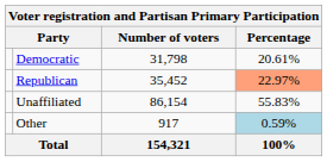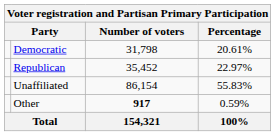 <table class=wikitable>
 <tr>
 <th colspan = 7>Voter registration and Partisan Primary Participation</th>
 </tr>
 <tr>
 <th colspan = 2>Party</th>
 <th>Number of voters</th>
 <th>Percentage</th>
 </tr>
 <tr>
 <td></td>
 <td><a href='#'>Democratic</a></td>
 <td style="text-align:center;">31,798</td>
 <td style="text-align:center;">20.61%</td>
 </tr>
 <tr>
 <td></td>
 <td><a href='#'>Republican</a></td>
 <td style="text-align:center;">35,452</td>
-<td style="background: lightsalmon; text-align:center;">22.97%</td>
+<td style="text-align:center;">22.97%</td>
 </tr>
 <tr>
 <td></td>
 <td>Unaffiliated</td>
 <td style="text-align:center;">86,154</td>
 <td style="text-align:center;">55.83%</td>
 </tr>
 <tr>
 <td></td>
 <td>Other</td>
-<td style="text-align:center;">917</td>
-<td style="background: lightblue; text-align:center;">0.59%</td>
+<td style="text-align:center;"><strong>917</strong></td>
+<td style="text-align:center;">0.59%</td>
 </tr>
 <tr>
 <th colspan = 2>Total</th>
 <th style="text-align:center;">154,321</th>
 <th style="text-align:center;">100%</th>
 </tr>
 </table>
